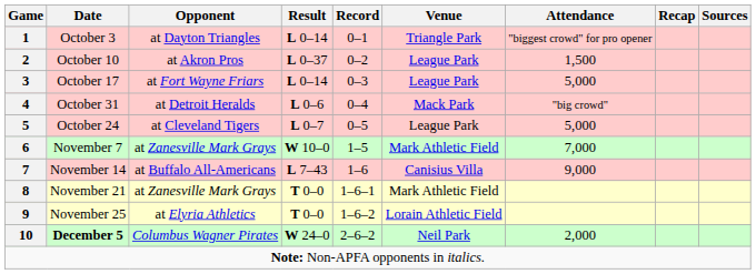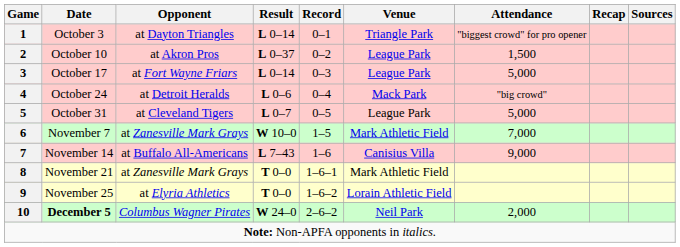 <table class="wikitable" style="text-align:center">
 <tr>
 <th>Game</th>
 <th>Date</th>
 <th>Opponent</th>
 <th>Result</th>
 <th>Record</th>
 <th>Venue</th>
 <th>Attendance</th>
 <th>Recap</th>
 <th>Sources</th>
 </tr>
 <tr style="background:#fcc">
 <th>1</th>
 <td>October 3</td>
 <td>at <a href='#'>Dayton Triangles</a></td>
 <td><strong>L</strong> 0–14</td>
 <td>0–1</td>
 <td><a href='#'>Triangle Park</a></td>
 <td><small>"biggest crowd" for pro opener</small></td>
 <td></td>
 <td></td>
 </tr>
 <tr style="background:#fcc">
 <th>2</th>
 <td>October 10</td>
 <td>at <a href='#'>Akron Pros</a></td>
 <td><strong>L</strong> 0–37</td>
 <td>0–2</td>
 <td><a href='#'>League Park</a></td>
 <td>1,500</td>
 <td></td>
 <td></td>
 </tr>
 <tr style="background:#fcc">
 <th>3</th>
 <td>October 17</td>
 <td>at <em><a href='#'>Fort Wayne Friars</a></em></td>
 <td><strong>L</strong> 0–14</td>
 <td>0–3</td>
 <td><a href='#'>League Park</a></td>
 <td>5,000</td>
 <td></td>
 <td></td>
 </tr>
 <tr style="background:#fcc">
 <th>4</th>
-<td>October 31</td>
+<td>October 24</td>
 <td>at <a href='#'>Detroit Heralds</a></td>
 <td><strong>L</strong> 0–6</td>
 <td>0–4</td>
 <td><a href='#'>Mack Park</a></td>
 <td><small>"big crowd"</small></td>
 <td></td>
 <td></td>
 </tr>
 <tr style="background:#fcc">
 <th>5</th>
-<td>October 24</td>
+<td>October 31</td>
 <td>at <a href='#'>Cleveland Tigers</a></td>
 <td><strong>L</strong> 0–7</td>
 <td>0–5</td>
 <td>League Park</td>
 <td>5,000</td>
 <td></td>
 <td></td>
 </tr>
 <tr style="background:#cfc">
 <th>6</th>
 <td>November 7</td>
 <td>at <em><a href='#'>Zanesville Mark Grays</a></em></td>
 <td><strong>W</strong> 10–0</td>
 <td>1–5</td>
 <td><a href='#'>Mark Athletic Field</a></td>
 <td>7,000</td>
 <td></td>
 <td></td>
 </tr>
 <tr style="background:#fcc">
 <th>7</th>
 <td>November 14</td>
 <td>at <a href='#'>Buffalo All-Americans</a></td>
 <td><strong>L</strong> 7–43</td>
 <td>1–6</td>
 <td><a href='#'>Canisius Villa</a></td>
 <td>9,000</td>
 <td></td>
 <td></td>
 </tr>
 <tr style="background:#ffc">
 <th>8</th>
 <td>November 21</td>
 <td>at <em>Zanesville Mark Grays</em></td>
 <td><strong>T</strong> 0–0</td>
 <td>1–6–1</td>
 <td>Mark Athletic Field</td>
 <td></td>
 <td></td>
 <td></td>
 </tr>
 <tr style="background:#ffc">
 <th>9</th>
 <td>November 25</td>
 <td>at <em><a href='#'>Elyria Athletics</a></em></td>
 <td><strong>T</strong> 0–0</td>
 <td>1–6–2</td>
 <td><a href='#'>Lorain Athletic Field</a></td>
 <td></td>
 <td></td>
 <td></td>
 </tr>
 <tr style="background:#cfc">
 <th>10</th>
 <td><strong>December 5</strong></td>
 <td><em><a href='#'>Columbus Wagner Pirates</a></em></td>
 <td><strong>W</strong> 24–0</td>
 <td>2–6–2</td>
 <td><a href='#'>Neil Park</a></td>
 <td>2,000</td>
 <td></td>
 <td></td>
 </tr>
 <tr>
 <td colspan="10"><strong>Note:</strong> Non-APFA opponents in <em>italics.</em></td>
 </tr>
 </table>
